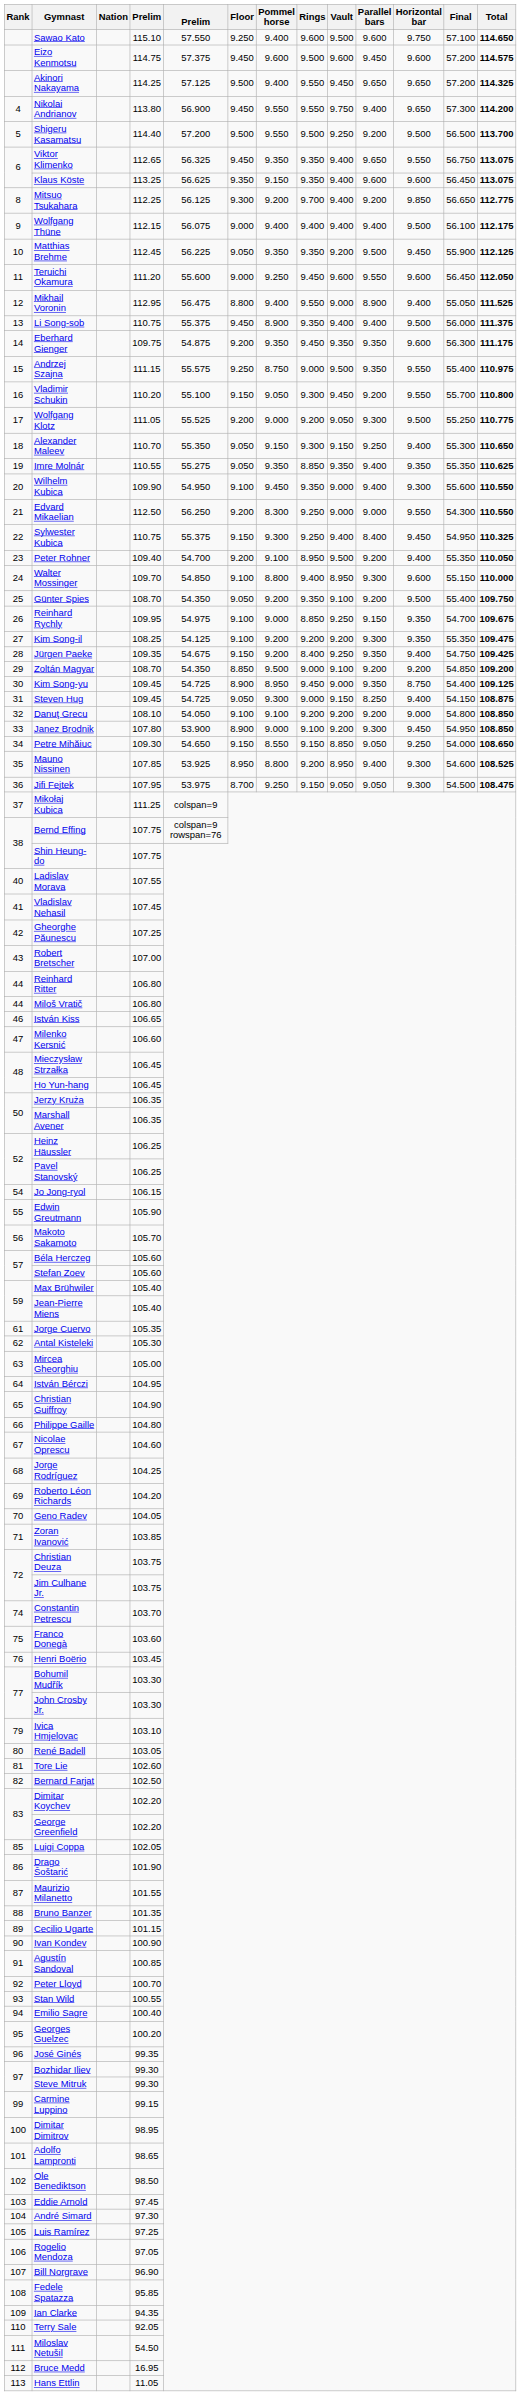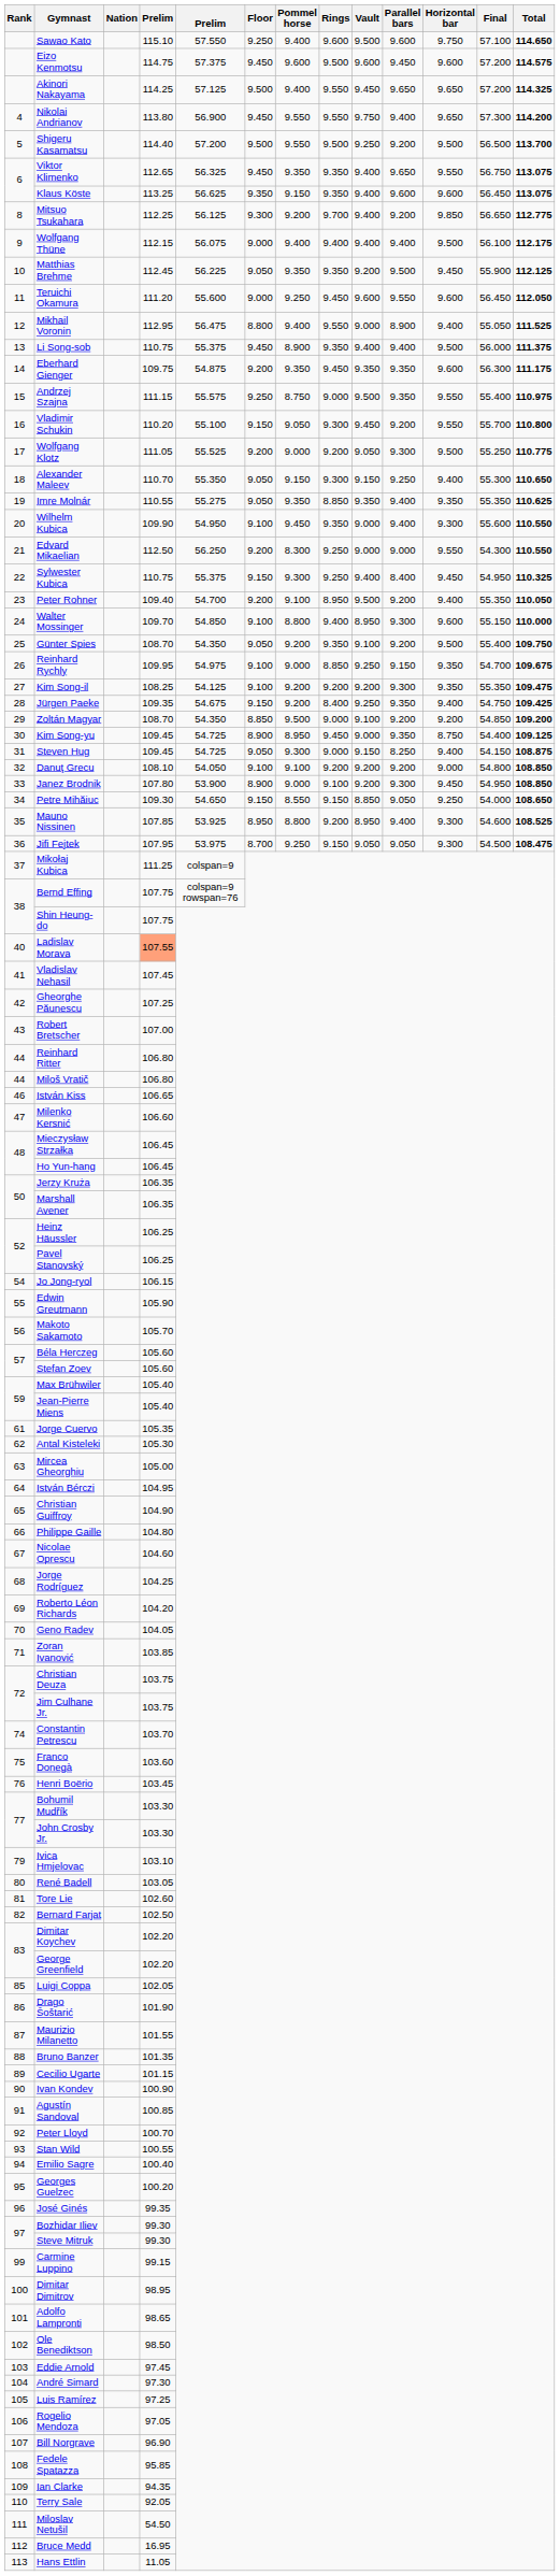 <table class="wikitable sortable" style="text-align:center">
 <tr>
 <th>Rank</th>
 <th>Gymnast</th>
 <th>Nation</th>
 <th>Prelim</th>
 <th><br>Prelim</th>
 <th>Floor</th>
 <th>Pommel<br>horse</th>
 <th>Rings</th>
 <th>Vault</th>
 <th>Parallel<br>bars</th>
 <th>Horizontal<br>bar</th>
 <th>Final</th>
 <th>Total</th>
 </tr>
 <tr>
 <td></td>
 <td align=left><a href='#'>Sawao Kato</a></td>
 <td align=left></td>
 <td>115.10</td>
 <td>57.550</td>
 <td>9.250</td>
 <td>9.400</td>
 <td>9.600</td>
 <td>9.500</td>
 <td>9.600</td>
 <td>9.750</td>
 <td>57.100</td>
 <td><strong>114.650</strong></td>
 </tr>
 <tr>
 <td></td>
 <td align=left><a href='#'>Eizo Kenmotsu</a></td>
 <td align=left></td>
 <td>114.75</td>
 <td>57.375</td>
 <td>9.450</td>
 <td>9.600</td>
 <td>9.500</td>
 <td>9.600</td>
 <td>9.450</td>
 <td>9.600</td>
 <td>57.200</td>
 <td><strong>114.575</strong></td>
 </tr>
 <tr>
 <td></td>
 <td align=left><a href='#'>Akinori Nakayama</a></td>
 <td align=left></td>
 <td>114.25</td>
 <td>57.125</td>
 <td>9.500</td>
 <td>9.400</td>
 <td>9.550</td>
 <td>9.450</td>
 <td>9.650</td>
 <td>9.650</td>
 <td>57.200</td>
 <td><strong>114.325</strong></td>
 </tr>
 <tr>
 <td>4</td>
 <td align=left><a href='#'>Nikolai Andrianov</a></td>
 <td align=left></td>
 <td>113.80</td>
 <td>56.900</td>
 <td>9.450</td>
 <td>9.550</td>
 <td>9.550</td>
 <td>9.750</td>
 <td>9.400</td>
 <td>9.650</td>
 <td>57.300</td>
 <td><strong>114.200</strong></td>
 </tr>
 <tr>
 <td>5</td>
 <td align=left><a href='#'>Shigeru Kasamatsu</a></td>
 <td align=left></td>
 <td>114.40</td>
 <td>57.200</td>
 <td>9.500</td>
 <td>9.550</td>
 <td>9.500</td>
 <td>9.250</td>
 <td>9.200</td>
 <td>9.500</td>
 <td>56.500</td>
 <td><strong>113.700</strong></td>
 </tr>
 <tr>
 <td rowspan=2>6</td>
 <td align=left><a href='#'>Viktor Klimenko</a></td>
 <td align=left></td>
 <td>112.65</td>
 <td>56.325</td>
 <td>9.450</td>
 <td>9.350</td>
 <td>9.350</td>
 <td>9.400</td>
 <td>9.650</td>
 <td>9.550</td>
 <td>56.750</td>
 <td><strong>113.075</strong></td>
 </tr>
 <tr>
 <td align=left><a href='#'>Klaus Köste</a></td>
 <td align=left></td>
 <td>113.25</td>
 <td>56.625</td>
 <td>9.350</td>
 <td>9.150</td>
 <td>9.350</td>
 <td>9.400</td>
 <td>9.600</td>
 <td>9.600</td>
 <td>56.450</td>
 <td><strong>113.075</strong></td>
 </tr>
 <tr>
 <td>8</td>
 <td align=left><a href='#'>Mitsuo Tsukahara</a></td>
 <td align=left></td>
 <td>112.25</td>
 <td>56.125</td>
 <td>9.300</td>
 <td>9.200</td>
 <td>9.700</td>
 <td>9.400</td>
 <td>9.200</td>
 <td>9.850</td>
 <td>56.650</td>
 <td><strong>112.775</strong></td>
 </tr>
 <tr>
 <td>9</td>
 <td align=left><a href='#'>Wolfgang Thüne</a></td>
 <td align=left></td>
 <td>112.15</td>
 <td>56.075</td>
 <td>9.000</td>
 <td>9.400</td>
 <td>9.400</td>
 <td>9.400</td>
 <td>9.400</td>
 <td>9.500</td>
 <td>56.100</td>
 <td><strong>112.175</strong></td>
 </tr>
 <tr>
 <td>10</td>
 <td align=left><a href='#'>Matthias Brehme</a></td>
 <td align=left></td>
 <td>112.45</td>
 <td>56.225</td>
 <td>9.050</td>
 <td>9.350</td>
 <td>9.350</td>
 <td>9.200</td>
 <td>9.500</td>
 <td>9.450</td>
 <td>55.900</td>
 <td><strong>112.125</strong></td>
 </tr>
 <tr>
 <td>11</td>
 <td align=left><a href='#'>Teruichi Okamura</a></td>
 <td align=left></td>
 <td>111.20</td>
 <td>55.600</td>
 <td>9.000</td>
 <td>9.250</td>
 <td>9.450</td>
 <td>9.600</td>
 <td>9.550</td>
 <td>9.600</td>
 <td>56.450</td>
 <td><strong>112.050</strong></td>
 </tr>
 <tr>
 <td>12</td>
 <td align=left><a href='#'>Mikhail Voronin</a></td>
 <td align=left></td>
 <td>112.95</td>
 <td>56.475</td>
 <td>8.800</td>
 <td>9.400</td>
 <td>9.550</td>
 <td>9.000</td>
 <td>8.900</td>
 <td>9.400</td>
 <td>55.050</td>
 <td><strong>111.525</strong></td>
 </tr>
 <tr>
 <td>13</td>
 <td align=left><a href='#'>Li Song-sob</a></td>
 <td align=left></td>
 <td>110.75</td>
 <td>55.375</td>
 <td>9.450</td>
 <td>8.900</td>
 <td>9.350</td>
 <td>9.400</td>
 <td>9.400</td>
 <td>9.500</td>
 <td>56.000</td>
 <td><strong>111.375</strong></td>
 </tr>
 <tr>
 <td>14</td>
 <td align=left><a href='#'>Eberhard Gienger</a></td>
 <td align=left></td>
 <td>109.75</td>
 <td>54.875</td>
 <td>9.200</td>
 <td>9.350</td>
 <td>9.450</td>
 <td>9.350</td>
 <td>9.350</td>
 <td>9.600</td>
 <td>56.300</td>
 <td><strong>111.175</strong></td>
 </tr>
 <tr>
 <td>15</td>
 <td align=left><a href='#'>Andrzej Szajna</a></td>
 <td align=left></td>
 <td>111.15</td>
 <td>55.575</td>
 <td>9.250</td>
 <td>8.750</td>
 <td>9.000</td>
 <td>9.500</td>
 <td>9.350</td>
 <td>9.550</td>
 <td>55.400</td>
 <td><strong>110.975</strong></td>
 </tr>
 <tr>
 <td>16</td>
 <td align=left><a href='#'>Vladimir Schukin</a></td>
 <td align=left></td>
 <td>110.20</td>
 <td>55.100</td>
 <td>9.150</td>
 <td>9.050</td>
 <td>9.300</td>
 <td>9.450</td>
 <td>9.200</td>
 <td>9.550</td>
 <td>55.700</td>
 <td><strong>110.800</strong></td>
 </tr>
 <tr>
 <td>17</td>
 <td align=left><a href='#'>Wolfgang Klotz</a></td>
 <td align=left></td>
 <td>111.05</td>
 <td>55.525</td>
 <td>9.200</td>
 <td>9.000</td>
 <td>9.200</td>
 <td>9.050</td>
 <td>9.300</td>
 <td>9.500</td>
 <td>55.250</td>
 <td><strong>110.775</strong></td>
 </tr>
 <tr>
 <td>18</td>
 <td align=left><a href='#'>Alexander Maleev</a></td>
 <td align=left></td>
 <td>110.70</td>
 <td>55.350</td>
 <td>9.050</td>
 <td>9.150</td>
 <td>9.300</td>
 <td>9.150</td>
 <td>9.250</td>
 <td>9.400</td>
 <td>55.300</td>
 <td><strong>110.650</strong></td>
 </tr>
 <tr>
 <td>19</td>
 <td align=left><a href='#'>Imre Molnár</a></td>
 <td align=left></td>
 <td>110.55</td>
 <td>55.275</td>
 <td>9.050</td>
 <td>9.350</td>
 <td>8.850</td>
 <td>9.350</td>
 <td>9.400</td>
 <td>9.350</td>
 <td>55.350</td>
 <td><strong>110.625</strong></td>
 </tr>
 <tr>
 <td>20</td>
 <td align=left><a href='#'>Wilhelm Kubica</a></td>
 <td align=left></td>
 <td>109.90</td>
 <td>54.950</td>
 <td>9.100</td>
 <td>9.450</td>
 <td>9.350</td>
 <td>9.000</td>
 <td>9.400</td>
 <td>9.300</td>
 <td>55.600</td>
 <td><strong>110.550</strong></td>
 </tr>
 <tr>
 <td>21</td>
 <td align=left><a href='#'>Edvard Mikaelian</a></td>
 <td align=left></td>
 <td>112.50</td>
 <td>56.250</td>
 <td>9.200</td>
 <td>8.300</td>
 <td>9.250</td>
 <td>9.000</td>
 <td>9.000</td>
 <td>9.550</td>
 <td>54.300</td>
 <td><strong>110.550</strong></td>
 </tr>
 <tr>
 <td>22</td>
 <td align=left><a href='#'>Sylwester Kubica</a></td>
 <td align=left></td>
 <td>110.75</td>
 <td>55.375</td>
 <td>9.150</td>
 <td>9.300</td>
 <td>9.250</td>
 <td>9.400</td>
 <td>8.400</td>
 <td>9.450</td>
 <td>54.950</td>
 <td><strong>110.325</strong></td>
 </tr>
 <tr>
 <td>23</td>
 <td align=left><a href='#'>Peter Rohner</a></td>
 <td align=left></td>
 <td>109.40</td>
 <td>54.700</td>
 <td>9.200</td>
 <td>9.100</td>
 <td>8.950</td>
 <td>9.500</td>
 <td>9.200</td>
 <td>9.400</td>
 <td>55.350</td>
 <td><strong>110.050</strong></td>
 </tr>
 <tr>
 <td>24</td>
 <td align=left><a href='#'>Walter Mossinger</a></td>
 <td align=left></td>
 <td>109.70</td>
 <td>54.850</td>
 <td>9.100</td>
 <td>8.800</td>
 <td>9.400</td>
 <td>8.950</td>
 <td>9.300</td>
 <td>9.600</td>
 <td>55.150</td>
 <td><strong>110.000</strong></td>
 </tr>
 <tr>
 <td>25</td>
 <td align=left><a href='#'>Günter Spies</a></td>
 <td align=left></td>
 <td>108.70</td>
 <td>54.350</td>
 <td>9.050</td>
 <td>9.200</td>
 <td>9.350</td>
 <td>9.100</td>
 <td>9.200</td>
 <td>9.500</td>
 <td>55.400</td>
 <td><strong>109.750</strong></td>
 </tr>
 <tr>
 <td>26</td>
 <td align=left><a href='#'>Reinhard Rychly</a></td>
 <td align=left></td>
 <td>109.95</td>
 <td>54.975</td>
 <td>9.100</td>
 <td>9.000</td>
 <td>8.850</td>
 <td>9.250</td>
 <td>9.150</td>
 <td>9.350</td>
 <td>54.700</td>
 <td><strong>109.675</strong></td>
 </tr>
 <tr>
 <td>27</td>
 <td align=left><a href='#'>Kim Song-il</a></td>
 <td align=left></td>
 <td>108.25</td>
 <td>54.125</td>
 <td>9.100</td>
 <td>9.200</td>
 <td>9.200</td>
 <td>9.200</td>
 <td>9.300</td>
 <td>9.350</td>
 <td>55.350</td>
 <td><strong>109.475</strong></td>
 </tr>
 <tr>
 <td>28</td>
 <td align=left><a href='#'>Jürgen Paeke</a></td>
 <td align=left></td>
 <td>109.35</td>
 <td>54.675</td>
 <td>9.150</td>
 <td>9.200</td>
 <td>8.400</td>
 <td>9.250</td>
 <td>9.350</td>
 <td>9.400</td>
 <td>54.750</td>
 <td><strong>109.425</strong></td>
 </tr>
 <tr>
 <td>29</td>
 <td align=left><a href='#'>Zoltán Magyar</a></td>
 <td align=left></td>
 <td>108.70</td>
 <td>54.350</td>
 <td>8.850</td>
 <td>9.500</td>
 <td>9.000</td>
 <td>9.100</td>
 <td>9.200</td>
 <td>9.200</td>
 <td>54.850</td>
 <td><strong>109.200</strong></td>
 </tr>
 <tr>
 <td>30</td>
 <td align=left><a href='#'>Kim Song-yu</a></td>
 <td align=left></td>
 <td>109.45</td>
 <td>54.725</td>
 <td>8.900</td>
 <td>8.950</td>
 <td>9.450</td>
 <td>9.000</td>
 <td>9.350</td>
 <td>8.750</td>
 <td>54.400</td>
 <td><strong>109.125</strong></td>
 </tr>
 <tr>
 <td>31</td>
 <td align=left><a href='#'>Steven Hug</a></td>
 <td align=left></td>
 <td>109.45</td>
 <td>54.725</td>
 <td>9.050</td>
 <td>9.300</td>
 <td>9.000</td>
 <td>9.150</td>
 <td>8.250</td>
 <td>9.400</td>
 <td>54.150</td>
 <td><strong>108.875</strong></td>
 </tr>
 <tr>
 <td>32</td>
 <td align=left><a href='#'>Danuţ Grecu</a></td>
 <td align=left></td>
 <td>108.10</td>
 <td>54.050</td>
 <td>9.100</td>
 <td>9.100</td>
 <td>9.200</td>
 <td>9.200</td>
 <td>9.200</td>
 <td>9.000</td>
 <td>54.800</td>
 <td><strong>108.850</strong></td>
 </tr>
 <tr>
 <td>33</td>
 <td align=left><a href='#'>Janez Brodnik</a></td>
 <td align=left></td>
 <td>107.80</td>
 <td>53.900</td>
 <td>8.900</td>
 <td>9.000</td>
 <td>9.100</td>
 <td>9.200</td>
 <td>9.300</td>
 <td>9.450</td>
 <td>54.950</td>
 <td><strong>108.850</strong></td>
 </tr>
 <tr>
 <td>34</td>
 <td align=left><a href='#'>Petre Mihăiuc</a></td>
 <td align=left></td>
 <td>109.30</td>
 <td>54.650</td>
 <td>9.150</td>
 <td>8.550</td>
 <td>9.150</td>
 <td>8.850</td>
 <td>9.050</td>
 <td>9.250</td>
 <td>54.000</td>
 <td><strong>108.650</strong></td>
 </tr>
 <tr>
 <td>35</td>
 <td align=left><a href='#'>Mauno Nissinen</a></td>
 <td align=left></td>
 <td>107.85</td>
 <td>53.925</td>
 <td>8.950</td>
 <td>8.800</td>
 <td>9.200</td>
 <td>8.950</td>
 <td>9.400</td>
 <td>9.300</td>
 <td>54.600</td>
 <td><strong>108.525</strong></td>
 </tr>
 <tr>
 <td>36</td>
 <td align=left><a href='#'>Jifi Fejtek</a></td>
 <td align=left></td>
 <td>107.95</td>
 <td>53.975</td>
 <td>8.700</td>
 <td>9.250</td>
 <td>9.150</td>
 <td>9.050</td>
 <td>9.050</td>
 <td>9.300</td>
 <td>54.500</td>
 <td><strong>108.475</strong></td>
 </tr>
 <tr>
 <td>37</td>
 <td align=left><a href='#'>Mikołaj Kubica</a></td>
 <td align="left"></td>
 <td>111.25</td>
 <td>colspan=9 </td>
 </tr>
 <tr>
 <td rowspan=2>38</td>
 <td align=left><a href='#'>Bernd Effing</a></td>
 <td align="left"></td>
 <td>107.75</td>
 <td>colspan=9 rowspan=76 </td>
 </tr>
 <tr>
 <td align=left><a href='#'>Shin Heung-do</a></td>
 <td align="left"></td>
 <td>107.75</td>
 </tr>
 <tr>
 <td>40</td>
 <td align=left><a href='#'>Ladislav Morava</a></td>
 <td align="left"></td>
-<td>107.55</td>
+<td style="background: lightsalmon;">107.55</td>
 </tr>
 <tr>
 <td>41</td>
 <td align=left><a href='#'>Vladislav Nehasil</a></td>
 <td align="left"></td>
 <td>107.45</td>
 </tr>
 <tr>
 <td>42</td>
 <td align=left><a href='#'>Gheorghe Păunescu</a></td>
 <td align="left"></td>
 <td>107.25</td>
 </tr>
 <tr>
 <td>43</td>
 <td align=left><a href='#'>Robert Bretscher</a></td>
 <td align="left"></td>
 <td>107.00</td>
 </tr>
 <tr>
 <td>44</td>
 <td align=left><a href='#'>Reinhard Ritter</a></td>
 <td align="left"></td>
 <td>106.80</td>
 </tr>
 <tr>
 <td>44</td>
 <td align=left><a href='#'>Miloš Vratič</a></td>
 <td align="left"></td>
 <td>106.80</td>
 </tr>
 <tr>
 <td>46</td>
 <td align=left><a href='#'>István Kiss</a></td>
 <td align="left"></td>
 <td>106.65</td>
 </tr>
 <tr>
 <td>47</td>
 <td align=left><a href='#'>Milenko Kersnić</a></td>
 <td align="left"></td>
 <td>106.60</td>
 </tr>
 <tr>
 <td rowspan=2>48</td>
 <td align=left><a href='#'>Mieczysław Strzałka</a></td>
 <td align="left"></td>
 <td>106.45</td>
 </tr>
 <tr>
 <td align=left><a href='#'>Ho Yun-hang</a></td>
 <td align="left"></td>
 <td>106.45</td>
 </tr>
 <tr>
 <td rowspan=2>50</td>
 <td align=left><a href='#'>Jerzy Kruża</a></td>
 <td align="left"></td>
 <td>106.35</td>
 </tr>
 <tr>
 <td align=left><a href='#'>Marshall Avener</a></td>
 <td align="left"></td>
 <td>106.35</td>
 </tr>
 <tr>
 <td rowspan=2>52</td>
 <td align=left><a href='#'>Heinz Häussler</a></td>
 <td align="left"></td>
 <td>106.25</td>
 </tr>
 <tr>
 <td align=left><a href='#'>Pavel Stanovský</a></td>
 <td align="left"></td>
 <td>106.25</td>
 </tr>
 <tr>
 <td>54</td>
 <td align=left><a href='#'>Jo Jong-ryol</a></td>
 <td align="left"></td>
 <td>106.15</td>
 </tr>
 <tr>
 <td>55</td>
 <td align=left><a href='#'>Edwin Greutmann</a></td>
 <td align="left"></td>
 <td>105.90</td>
 </tr>
 <tr>
 <td>56</td>
 <td align=left><a href='#'>Makoto Sakamoto</a></td>
 <td align="left"></td>
 <td>105.70</td>
 </tr>
 <tr>
 <td rowspan=2>57</td>
 <td align=left><a href='#'>Béla Herczeg</a></td>
 <td align="left"></td>
 <td>105.60</td>
 </tr>
 <tr>
 <td align=left><a href='#'>Stefan Zoev</a></td>
 <td align="left"></td>
 <td>105.60</td>
 </tr>
 <tr>
 <td rowspan=2>59</td>
 <td align=left><a href='#'>Max Brühwiler</a></td>
 <td align="left"></td>
 <td>105.40</td>
 </tr>
 <tr>
 <td align=left><a href='#'>Jean-Pierre Miens</a></td>
 <td align="left"></td>
 <td>105.40</td>
 </tr>
 <tr>
 <td>61</td>
 <td align=left><a href='#'>Jorge Cuervo</a></td>
 <td align="left"></td>
 <td>105.35</td>
 </tr>
 <tr>
 <td>62</td>
 <td align=left><a href='#'>Antal Kisteleki</a></td>
 <td align="left"></td>
 <td>105.30</td>
 </tr>
 <tr>
 <td>63</td>
 <td align=left><a href='#'>Mircea Gheorghiu</a></td>
 <td align="left"></td>
 <td>105.00</td>
 </tr>
 <tr>
 <td>64</td>
 <td align=left><a href='#'>István Bérczi</a></td>
 <td align="left"></td>
 <td>104.95</td>
 </tr>
 <tr>
 <td>65</td>
 <td align=left><a href='#'>Christian Guiffroy</a></td>
 <td align="left"></td>
 <td>104.90</td>
 </tr>
 <tr>
 <td>66</td>
 <td align=left><a href='#'>Philippe Gaille</a></td>
 <td align="left"></td>
 <td>104.80</td>
 </tr>
 <tr>
 <td>67</td>
 <td align=left><a href='#'>Nicolae Oprescu</a></td>
 <td align="left"></td>
 <td>104.60</td>
 </tr>
 <tr>
 <td>68</td>
 <td align=left><a href='#'>Jorge Rodríguez</a></td>
 <td align="left"></td>
 <td>104.25</td>
 </tr>
 <tr>
 <td>69</td>
 <td align=left><a href='#'>Roberto Léon Richards</a></td>
 <td align="left"></td>
 <td>104.20</td>
 </tr>
 <tr>
 <td>70</td>
 <td align=left><a href='#'>Geno Radev</a></td>
 <td align="left"></td>
 <td>104.05</td>
 </tr>
 <tr>
 <td>71</td>
 <td align=left><a href='#'>Zoran Ivanović</a></td>
 <td align="left"></td>
 <td>103.85</td>
 </tr>
 <tr>
 <td rowspan=2>72</td>
 <td align=left><a href='#'>Christian Deuza</a></td>
 <td align="left"></td>
 <td>103.75</td>
 </tr>
 <tr>
 <td align=left><a href='#'>Jim Culhane Jr.</a></td>
 <td align="left"></td>
 <td>103.75</td>
 </tr>
 <tr>
 <td>74</td>
 <td align=left><a href='#'>Constantin Petrescu</a></td>
 <td align="left"></td>
 <td>103.70</td>
 </tr>
 <tr>
 <td>75</td>
 <td align=left><a href='#'>Franco Donegà</a></td>
 <td align="left"></td>
 <td>103.60</td>
 </tr>
 <tr>
 <td>76</td>
 <td align=left><a href='#'>Henri Boërio</a></td>
 <td align="left"></td>
 <td>103.45</td>
 </tr>
 <tr>
 <td rowspan=2>77</td>
 <td align=left><a href='#'>Bohumil Mudřík</a></td>
 <td align="left"></td>
 <td>103.30</td>
 </tr>
 <tr>
 <td align=left><a href='#'>John Crosby Jr.</a></td>
 <td align="left"></td>
 <td>103.30</td>
 </tr>
 <tr>
 <td>79</td>
 <td align=left><a href='#'>Ivica Hmjelovac</a></td>
 <td align="left"></td>
 <td>103.10</td>
 </tr>
 <tr>
 <td>80</td>
 <td align=left><a href='#'>René Badell</a></td>
 <td align="left"></td>
 <td>103.05</td>
 </tr>
 <tr>
 <td>81</td>
 <td align=left><a href='#'>Tore Lie</a></td>
 <td align="left"></td>
 <td>102.60</td>
 </tr>
 <tr>
 <td>82</td>
 <td align=left><a href='#'>Bernard Farjat</a></td>
 <td align="left"></td>
 <td>102.50</td>
 </tr>
 <tr>
 <td rowspan=2>83</td>
 <td align=left><a href='#'>Dimitar Koychev</a></td>
 <td align="left"></td>
 <td>102.20</td>
 </tr>
 <tr>
 <td align=left><a href='#'>George Greenfield</a></td>
 <td align="left"></td>
 <td>102.20</td>
 </tr>
 <tr>
 <td>85</td>
 <td align=left><a href='#'>Luigi Coppa</a></td>
 <td align="left"></td>
 <td>102.05</td>
 </tr>
 <tr>
 <td>86</td>
 <td align=left><a href='#'>Drago Šoštarić</a></td>
 <td align="left"></td>
 <td>101.90</td>
 </tr>
 <tr>
 <td>87</td>
 <td align=left><a href='#'>Maurizio Milanetto</a></td>
 <td align="left"></td>
 <td>101.55</td>
 </tr>
 <tr>
 <td>88</td>
 <td align=left><a href='#'>Bruno Banzer</a></td>
 <td align="left"></td>
 <td>101.35</td>
 </tr>
 <tr>
 <td>89</td>
 <td align=left><a href='#'>Cecilio Ugarte</a></td>
 <td align="left"></td>
 <td>101.15</td>
 </tr>
 <tr>
 <td>90</td>
 <td align=left><a href='#'>Ivan Kondev</a></td>
 <td align="left"></td>
 <td>100.90</td>
 </tr>
 <tr>
 <td>91</td>
 <td align=left><a href='#'>Agustín Sandoval</a></td>
 <td align="left"></td>
 <td>100.85</td>
 </tr>
 <tr>
 <td>92</td>
 <td align=left><a href='#'>Peter Lloyd</a></td>
 <td align="left"></td>
 <td>100.70</td>
 </tr>
 <tr>
 <td>93</td>
 <td align=left><a href='#'>Stan Wild</a></td>
 <td align="left"></td>
 <td>100.55</td>
 </tr>
 <tr>
 <td>94</td>
 <td align=left><a href='#'>Emilio Sagre</a></td>
 <td align="left"></td>
 <td>100.40</td>
 </tr>
 <tr>
 <td>95</td>
 <td align=left><a href='#'>Georges Guelzec</a></td>
 <td align="left"></td>
 <td>100.20</td>
 </tr>
 <tr>
 <td>96</td>
 <td align=left><a href='#'>José Ginés</a></td>
 <td align="left"></td>
 <td>99.35</td>
 </tr>
 <tr>
 <td rowspan=2>97</td>
 <td align=left><a href='#'>Bozhidar Iliev</a></td>
 <td align="left"></td>
 <td>99.30</td>
 </tr>
 <tr>
 <td align=left><a href='#'>Steve Mitruk</a></td>
 <td align="left"></td>
 <td>99.30</td>
 </tr>
 <tr>
 <td>99</td>
 <td align=left><a href='#'>Carmine Luppino</a></td>
 <td align="left"></td>
 <td>99.15</td>
 </tr>
 <tr>
 <td>100</td>
 <td align=left><a href='#'>Dimitar Dimitrov</a></td>
 <td align="left"></td>
 <td>98.95</td>
 </tr>
 <tr>
 <td>101</td>
 <td align=left><a href='#'>Adolfo Lampronti</a></td>
 <td align="left"></td>
 <td>98.65</td>
 </tr>
 <tr>
 <td>102</td>
 <td align=left><a href='#'>Ole Benediktson</a></td>
 <td align="left"></td>
 <td>98.50</td>
 </tr>
 <tr>
 <td>103</td>
 <td align=left><a href='#'>Eddie Arnold</a></td>
 <td align="left"></td>
 <td>97.45</td>
 </tr>
 <tr>
 <td>104</td>
 <td align=left><a href='#'>André Simard</a></td>
 <td align="left"></td>
 <td>97.30</td>
 </tr>
 <tr>
 <td>105</td>
 <td align=left><a href='#'>Luis Ramírez</a></td>
 <td align="left"></td>
 <td>97.25</td>
 </tr>
 <tr>
 <td>106</td>
 <td align=left><a href='#'>Rogelio Mendoza</a></td>
 <td align="left"></td>
 <td>97.05</td>
 </tr>
 <tr>
 <td>107</td>
 <td align=left><a href='#'>Bill Norgrave</a></td>
 <td align="left"></td>
 <td>96.90</td>
 </tr>
 <tr>
 <td>108</td>
 <td align=left><a href='#'>Fedele Spatazza</a></td>
 <td align="left"></td>
 <td>95.85</td>
 </tr>
 <tr>
 <td>109</td>
 <td align=left><a href='#'>Ian Clarke</a></td>
 <td align="left"></td>
 <td>94.35</td>
 </tr>
 <tr>
 <td>110</td>
 <td align=left><a href='#'>Terry Sale</a></td>
 <td align="left"></td>
 <td>92.05</td>
 </tr>
 <tr>
 <td>111</td>
 <td align=left><a href='#'>Miloslav Netušil</a></td>
 <td align="left"></td>
 <td>54.50</td>
 </tr>
 <tr>
 <td>112</td>
 <td align=left><a href='#'>Bruce Medd</a></td>
 <td align="left"></td>
 <td>16.95</td>
 </tr>
 <tr>
 <td>113</td>
 <td align=left><a href='#'>Hans Ettlin</a></td>
 <td align="left"></td>
 <td>11.05</td>
 </tr>
 </table>
